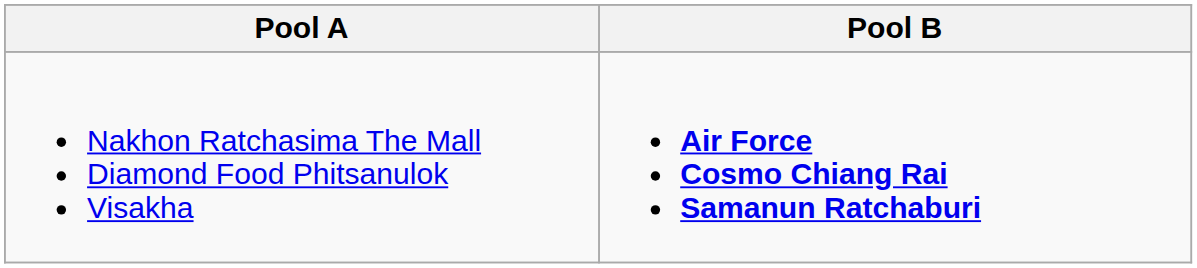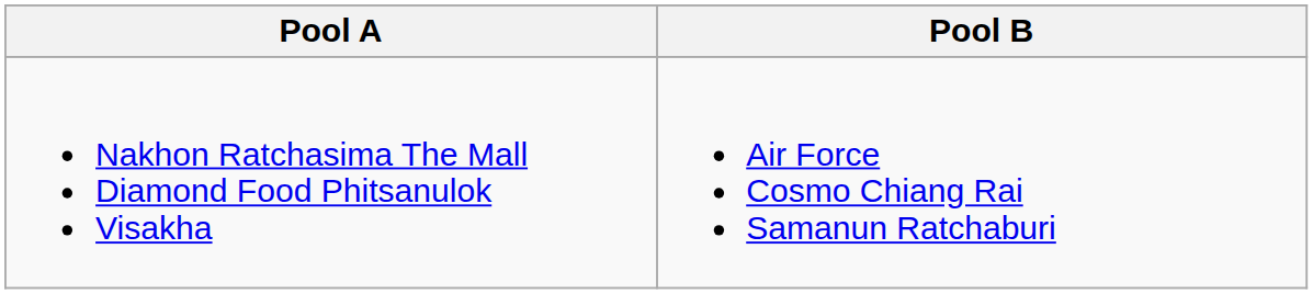 <table class="wikitable" width=50%>
 <tr>
 <th width=25%>Pool A</th>
 <th width=25%>Pool B</th>
 </tr>
 <tr>
 <td><br><ul><li> <a href='#'>Nakhon Ratchasima The Mall</a></li><li> <a href='#'>Diamond Food Phitsanulok</a></li><li> <a href='#'>Visakha</a></li></ul></td>
-<td><strong><br><ul><li> <a href='#'>Air Force</a></li><li> <a href='#'>Cosmo Chiang Rai</a></li><li> <a href='#'>Samanun Ratchaburi</a></li></ul></strong></td>
+<td><br><ul><li> <a href='#'>Air Force</a></li><li> <a href='#'>Cosmo Chiang Rai</a></li><li> <a href='#'>Samanun Ratchaburi</a></li></ul></td>
 </tr>
 </table>
